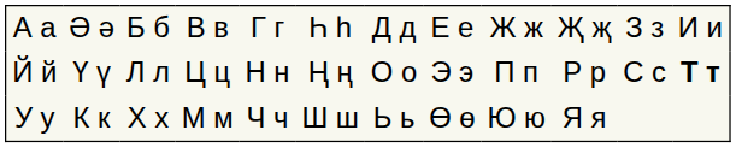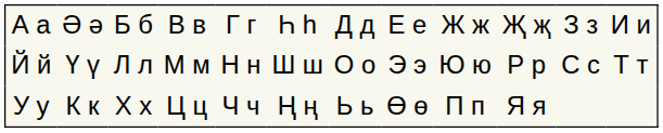 <table cellpadding=4 style="font-size:larger; text-align:center; border-color:black; border-width:1px; border-style:solid; border-collapse:collapse; background-color:#F8F8EF;" summary="Thirty-four letters of the Kalmyk Cyrillic script, capital and lowercase">
 <tr>
 <td>А а</td>
 <td>Ә ә</td>
 <td>Б б</td>
 <td>В в</td>
 <td>Г г</td>
 <td>Һ һ</td>
 <td>Д д</td>
 <td>Е е</td>
 <td>Ж ж</td>
 <td>Җ җ</td>
 <td>З з</td>
 <td>И и</td>
 </tr>
 <tr>
 <td>Й й</td>
 <td>Ү ү</td>
 <td>Л л</td>
-<td>Ц ц</td>
+<td>М м</td>
 <td>Н н</td>
-<td>Ң ң</td>
+<td>Ш ш</td>
 <td>О о</td>
 <td>Э э</td>
-<td>П п</td>
+<td>Ю ю</td>
 <td>Р р</td>
 <td>С с</td>
-<td><strong>Т т</strong></td>
+<td>Т т</td>
 </tr>
 <tr>
 <td>У у</td>
 <td>К к</td>
 <td>Х х</td>
-<td>М м</td>
+<td>Ц ц</td>
 <td>Ч ч</td>
-<td>Ш ш</td>
+<td>Ң ң</td>
 <td>Ь ь</td>
 <td>Ө ө</td>
-<td>Ю ю</td>
+<td>П п</td>
 <td>Я я</td>
 </tr>
 </table>
